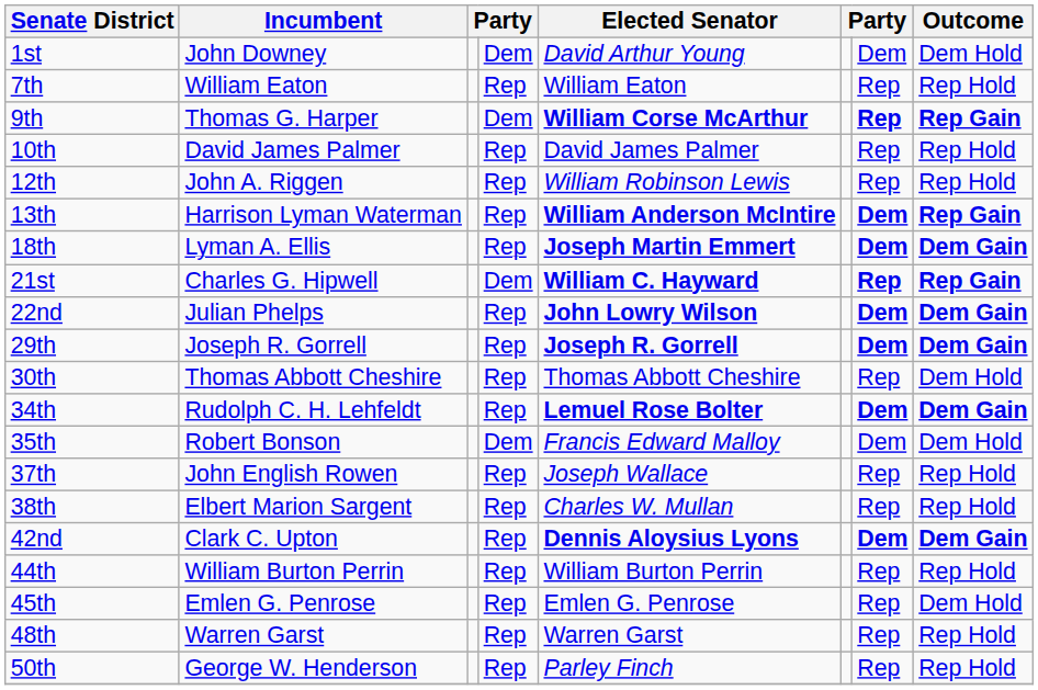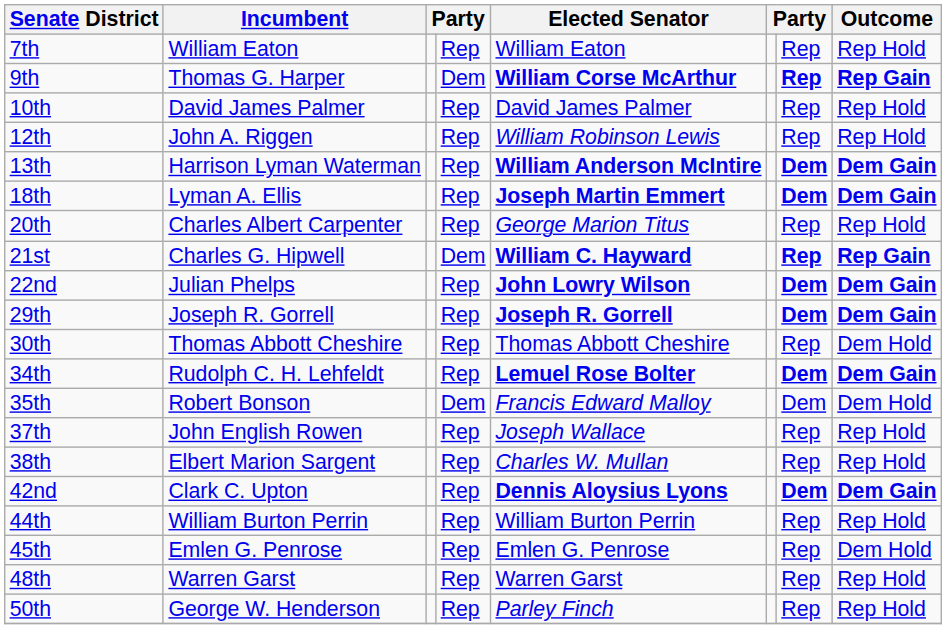 <table class="sortable wikitable" style="font-size:95%;line-height:14px;">
 <tr>
 <th class="sortable"><a href='#'>Senate</a> District</th>
 <th class="sortable"><a href='#'>Incumbent</a></th>
 <th colspan="2">Party</th>
 <th class="sortable">Elected Senator</th>
 <th colspan="2">Party</th>
 <th class="sortable">Outcome</th>
-</tr>
-<tr>
-<td><a href='#'>1st</a></td>
-<td><a href='#'>John Downey</a></td>
-<td style="background:"></td>
-<td><a href='#'>Dem</a></td>
-<td><em><a href='#'>David Arthur Young</a></em></td>
-<td style="background:"></td>
-<td><a href='#'>Dem</a></td>
-<td><a href='#'>Dem Hold</a></td>
 </tr>
 <tr>
 <td><a href='#'>7th</a></td>
 <td><a href='#'>William Eaton</a></td>
 <td style="background:"></td>
 <td><a href='#'>Rep</a></td>
 <td><a href='#'>William Eaton</a></td>
 <td style="background:"></td>
 <td><a href='#'>Rep</a></td>
 <td><a href='#'>Rep Hold</a></td>
 </tr>
 <tr>
 <td><a href='#'>9th</a></td>
 <td><a href='#'>Thomas G. Harper</a></td>
 <td style="background:"></td>
 <td><a href='#'>Dem</a></td>
 <td><strong><a href='#'>William Corse McArthur</a></strong></td>
 <td style="background:"></td>
 <td><strong><a href='#'>Rep</a></strong></td>
 <td><strong><a href='#'>Rep Gain</a></strong></td>
 </tr>
 <tr>
 <td><a href='#'>10th</a></td>
 <td><a href='#'>David James Palmer</a></td>
 <td style="background:"></td>
 <td><a href='#'>Rep</a></td>
 <td><a href='#'>David James Palmer</a></td>
 <td style="background:"></td>
 <td><a href='#'>Rep</a></td>
 <td><a href='#'>Rep Hold</a></td>
 </tr>
 <tr>
 <td><a href='#'>12th</a></td>
 <td><a href='#'>John A. Riggen</a></td>
 <td style="background:"></td>
 <td><a href='#'>Rep</a></td>
 <td><em><a href='#'>William Robinson Lewis</a></em></td>
 <td style="background:"></td>
 <td><a href='#'>Rep</a></td>
 <td><a href='#'>Rep Hold</a></td>
 </tr>
 <tr>
 <td><a href='#'>13th</a></td>
 <td><a href='#'>Harrison Lyman Waterman</a></td>
 <td style="background:"></td>
 <td><a href='#'>Rep</a></td>
 <td><strong><a href='#'>William Anderson McIntire</a></strong></td>
 <td style="background:"></td>
 <td><strong><a href='#'>Dem</a></strong></td>
-<td><strong><a href='#'>Rep Gain</a></strong></td>
+<td><strong><a href='#'>Dem Gain</a></strong></td>
 </tr>
 <tr>
 <td><a href='#'>18th</a></td>
 <td><a href='#'>Lyman A. Ellis</a></td>
 <td style="background:"></td>
 <td><a href='#'>Rep</a></td>
 <td><strong><a href='#'>Joseph Martin Emmert</a></strong></td>
 <td style="background:"></td>
 <td><strong><a href='#'>Dem</a></strong></td>
 <td><strong><a href='#'>Dem Gain</a></strong></td>
+</tr>
+<tr>
+<td><a href='#'>20th</a></td>
+<td><a href='#'>Charles Albert Carpenter</a></td>
+<td style="background:"></td>
+<td><a href='#'>Rep</a></td>
+<td><em><a href='#'>George Marion Titus</a></em></td>
+<td style="background:"></td>
+<td><a href='#'>Rep</a></td>
+<td><a href='#'>Rep Hold</a></td>
 </tr>
 <tr>
 <td><a href='#'>21st</a></td>
 <td><a href='#'>Charles G. Hipwell</a></td>
 <td style="background:"></td>
 <td><a href='#'>Dem</a></td>
 <td><strong><a href='#'>William C. Hayward</a></strong></td>
 <td style="background:"></td>
 <td><strong><a href='#'>Rep</a></strong></td>
 <td><strong><a href='#'>Rep Gain</a></strong></td>
 </tr>
 <tr>
 <td><a href='#'>22nd</a></td>
 <td><a href='#'>Julian Phelps</a></td>
 <td style="background:"></td>
 <td><a href='#'>Rep</a></td>
 <td><strong><a href='#'>John Lowry Wilson</a></strong></td>
 <td style="background:"></td>
 <td><strong><a href='#'>Dem</a></strong></td>
 <td><strong><a href='#'>Dem Gain</a></strong></td>
 </tr>
 <tr>
 <td><a href='#'>29th</a></td>
 <td><a href='#'>Joseph R. Gorrell</a></td>
 <td style="background:"></td>
 <td><a href='#'>Rep</a></td>
 <td><strong><a href='#'>Joseph R. Gorrell</a></strong></td>
 <td style="background:"></td>
 <td><strong><a href='#'>Dem</a></strong></td>
 <td><strong><a href='#'>Dem Gain</a></strong></td>
 </tr>
 <tr>
 <td><a href='#'>30th</a></td>
 <td><a href='#'>Thomas Abbott Cheshire</a></td>
 <td style="background:"></td>
 <td><a href='#'>Rep</a></td>
 <td><a href='#'>Thomas Abbott Cheshire</a></td>
 <td style="background:"></td>
 <td><a href='#'>Rep</a></td>
 <td><a href='#'>Dem Hold</a></td>
 </tr>
 <tr>
 <td><a href='#'>34th</a></td>
 <td><a href='#'>Rudolph C. H. Lehfeldt</a></td>
 <td style="background:"></td>
 <td><a href='#'>Rep</a></td>
 <td><strong><a href='#'>Lemuel Rose Bolter</a></strong></td>
 <td style="background:"></td>
 <td><strong><a href='#'>Dem</a></strong></td>
 <td><strong><a href='#'>Dem Gain</a></strong></td>
 </tr>
 <tr>
 <td><a href='#'>35th</a></td>
 <td><a href='#'>Robert Bonson</a></td>
 <td style="background:"></td>
 <td><a href='#'>Dem</a></td>
 <td><em><a href='#'>Francis Edward Malloy</a></em></td>
 <td style="background:"></td>
 <td><a href='#'>Dem</a></td>
 <td><a href='#'>Dem Hold</a></td>
 </tr>
 <tr>
 <td><a href='#'>37th</a></td>
 <td><a href='#'>John English Rowen</a></td>
 <td style="background:"></td>
 <td><a href='#'>Rep</a></td>
 <td><em><a href='#'>Joseph Wallace</a></em></td>
 <td style="background:"></td>
 <td><a href='#'>Rep</a></td>
 <td><a href='#'>Rep Hold</a></td>
 </tr>
 <tr>
 <td><a href='#'>38th</a></td>
 <td><a href='#'>Elbert Marion Sargent</a></td>
 <td style="background:"></td>
 <td><a href='#'>Rep</a></td>
 <td><em><a href='#'>Charles W. Mullan</a></em></td>
 <td style="background:"></td>
 <td><a href='#'>Rep</a></td>
 <td><a href='#'>Rep Hold</a></td>
 </tr>
 <tr>
 <td><a href='#'>42nd</a></td>
 <td><a href='#'>Clark C. Upton</a></td>
 <td style="background:"></td>
 <td><a href='#'>Rep</a></td>
 <td><strong><a href='#'>Dennis Aloysius Lyons</a></strong></td>
 <td style="background:"></td>
 <td><strong><a href='#'>Dem</a></strong></td>
 <td><strong><a href='#'>Dem Gain</a></strong></td>
 </tr>
 <tr>
 <td><a href='#'>44th</a></td>
 <td><a href='#'>William Burton Perrin</a></td>
 <td style="background:"></td>
 <td><a href='#'>Rep</a></td>
 <td><a href='#'>William Burton Perrin</a></td>
 <td style="background:"></td>
 <td><a href='#'>Rep</a></td>
 <td><a href='#'>Rep Hold</a></td>
 </tr>
 <tr>
 <td><a href='#'>45th</a></td>
 <td><a href='#'>Emlen G. Penrose</a></td>
 <td style="background:"></td>
 <td><a href='#'>Rep</a></td>
 <td><a href='#'>Emlen G. Penrose</a></td>
 <td style="background:"></td>
 <td><a href='#'>Rep</a></td>
 <td><a href='#'>Dem Hold</a></td>
 </tr>
 <tr>
 <td><a href='#'>48th</a></td>
 <td><a href='#'>Warren Garst</a></td>
 <td style="background:"></td>
 <td><a href='#'>Rep</a></td>
 <td><a href='#'>Warren Garst</a></td>
 <td style="background:"></td>
 <td><a href='#'>Rep</a></td>
 <td><a href='#'>Rep Hold</a></td>
 </tr>
 <tr>
 <td><a href='#'>50th</a></td>
 <td><a href='#'>George W. Henderson</a></td>
 <td style="background:"></td>
 <td><a href='#'>Rep</a></td>
 <td><em><a href='#'>Parley Finch</a></em></td>
 <td style="background:"></td>
 <td><a href='#'>Rep</a></td>
 <td><a href='#'>Rep Hold</a></td>
 </tr>
 <tr>
 </tr>
 </table>
